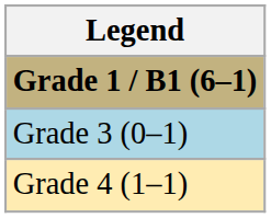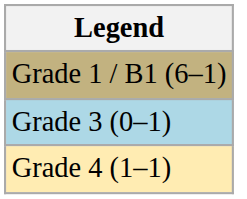 <table class="wikitable" style="font-size:85%;">
 <tr>
 <th>Legend</th>
 </tr>
 <tr bgcolor="#C2B280">
-<td><strong>Grade 1 / B1 (6–1)</strong></td>
+<td>Grade 1 / B1 (6–1)</td>
 </tr>
 <tr bgcolor="lightblue">
 <td>Grade 3 (0–1)</td>
 </tr>
 <tr bgcolor="#ffecb2">
 <td>Grade 4 (1–1)</td>
 </tr>
 </table>
